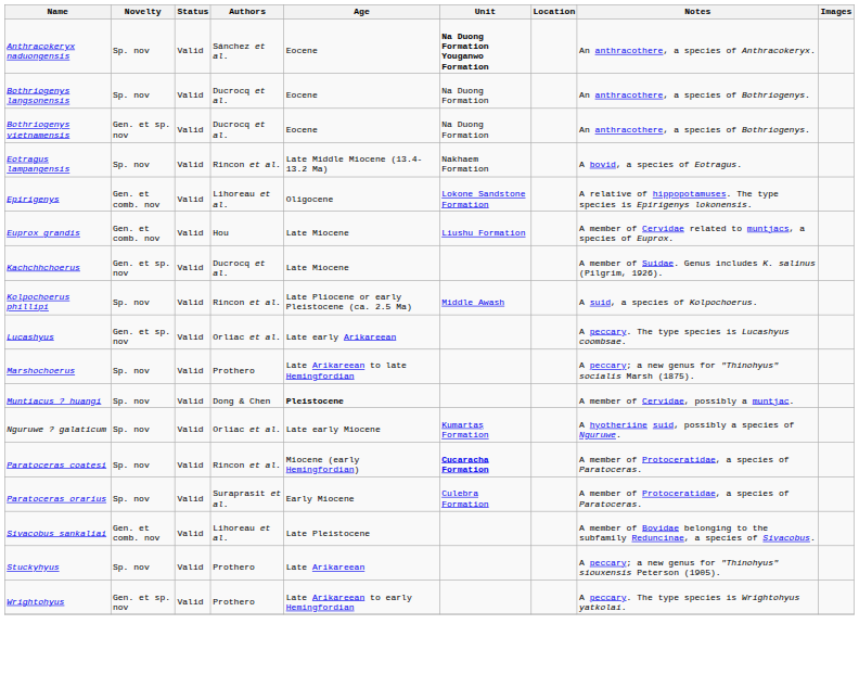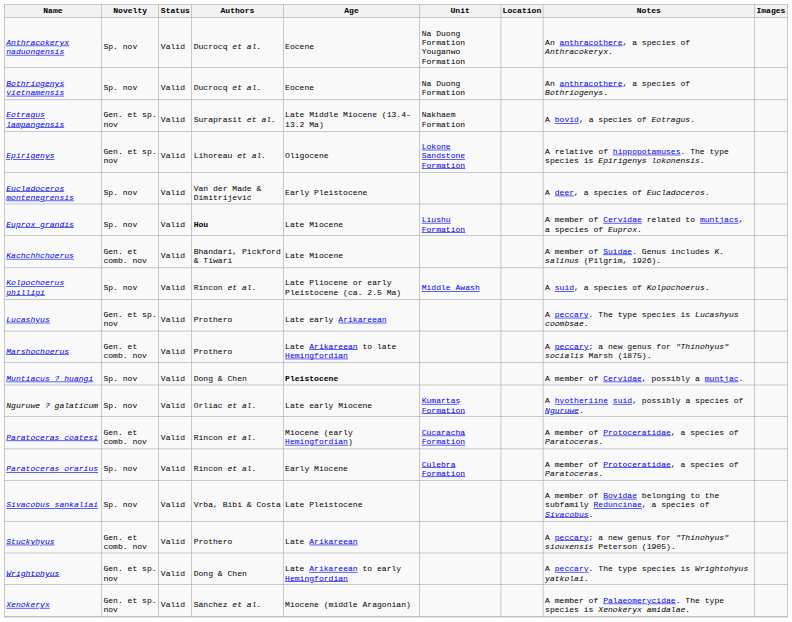 <table class="wikitable sortable" align="center" width="100%">
 <tr>
 <th>Name</th>
 <th>Novelty</th>
 <th>Status</th>
 <th>Authors</th>
 <th>Age</th>
 <th>Unit</th>
 <th>Location</th>
 <th>Notes</th>
 <th>Images</th>
 </tr>
 <tr>
 <td><br><em><a href='#'>Anthracokeryx naduongensis</a></em></td>
 <td><br>Sp. nov</td>
 <td><br>Valid</td>
-<td><br>Sánchez <em>et al.</em></td>
+<td><br>Ducrocq <em>et al.</em></td>
 <td><br>Eocene</td>
-<td><strong><br>Na Duong Formation<br> Youganwo Formation</strong></td>
+<td><br>Na Duong Formation<br> Youganwo Formation</td>
 <td><br><br> </td>
 <td><br>An <a href='#'>anthracothere</a>, a species of <em>Anthracokeryx</em>.</td>
 <td></td>
 </tr>
 <tr>
-<td><br><em><a href='#'>Bothriogenys langsonensis</a></em></td>
+<td><br><em><a href='#'>Bothriogenys vietnamensis</a></em></td>
 <td><br>Sp. nov</td>
 <td><br>Valid</td>
 <td><br>Ducrocq <em>et al.</em></td>
 <td><br>Eocene</td>
 <td><br>Na Duong Formation</td>
 <td><br></td>
 <td><br>An <a href='#'>anthracothere</a>, a species of <em>Bothriogenys</em>.</td>
 <td></td>
 </tr>
 <tr>
-<td><br><em><a href='#'>Bothriogenys vietnamensis</a></em></td>
+<td><br><em><a href='#'>Eotragus lampangensis</a></em></td>
 <td><br>Gen. et sp. nov</td>
 <td><br>Valid</td>
-<td><br>Ducrocq <em>et al.</em></td>
-<td><br>Eocene</td>
-<td><br>Na Duong Formation</td>
-<td><br></td>
-<td><br>An <a href='#'>anthracothere</a>, a species of <em>Bothriogenys</em>.</td>
-<td></td>
-</tr>
-<tr>
-<td><br><em><a href='#'>Eotragus lampangensis</a></em></td>
-<td><br>Sp. nov</td>
-<td><br>Valid</td>
-<td><br>Rincon <em>et al.</em></td>
+<td><br>Suraprasit <em>et al.</em></td>
 <td><br>Late Middle Miocene (13.4-13.2 Ma)</td>
 <td><br>Nakhaem Formation</td>
 <td><br></td>
 <td><br>A <a href='#'>bovid</a>, a species of <em>Eotragus</em>.</td>
 <td></td>
 </tr>
 <tr>
 <td><br><em><a href='#'>Epirigenys</a></em></td>
-<td><br>Gen. et comb. nov</td>
+<td><br>Gen. et sp. nov</td>
 <td><br>Valid</td>
 <td><br>Lihoreau <em>et al.</em></td>
 <td><br>Oligocene</td>
 <td><br><a href='#'>Lokone Sandstone Formation</a></td>
 <td><br></td>
 <td><br>A relative of <a href='#'>hippopotamuses</a>. The type species is <em>Epirigenys lokonensis</em>.</td>
 <td></td>
 </tr>
 <tr>
+<td><br><em><a href='#'>Eucladoceros montenegrensis</a></em></td>
+<td><br>Sp. nov</td>
+<td><br>Valid</td>
+<td><br>Van der Made & Dimitrijević</td>
+<td><br>Early Pleistocene</td>
+<td></td>
+<td><br></td>
+<td><br>A <a href='#'>deer</a>, a species of <em>Eucladoceros</em>.</td>
+<td></td>
+</tr>
+<tr>
 <td><br><em><a href='#'>Euprox grandis</a></em></td>
-<td><br>Gen. et comb. nov</td>
+<td><br>Sp. nov</td>
 <td><br>Valid</td>
-<td><br>Hou</td>
+<td><strong><br>Hou</strong></td>
 <td><br>Late Miocene</td>
 <td><br><a href='#'>Liushu Formation</a></td>
 <td><br></td>
 <td><br>A member of <a href='#'>Cervidae</a> related to <a href='#'>muntjacs</a>, a species of <em>Euprox</em>.</td>
 <td></td>
 </tr>
 <tr>
 <td><br><em><a href='#'>Kachchhchoerus</a></em></td>
-<td><br>Gen. et sp. nov</td>
+<td><br>Gen. et comb. nov</td>
 <td><br>Valid</td>
-<td><br>Ducrocq <em>et al.</em></td>
+<td><br>Bhandari, Pickford & Tiwari</td>
 <td><br>Late Miocene</td>
 <td></td>
 <td><br></td>
 <td><br>A member of <a href='#'>Suidae</a>. Genus includes <em>K. salinus</em> (Pilgrim, 1926).</td>
 <td></td>
 </tr>
 <tr>
 <td><br><em><a href='#'>Kolpochoerus phillipi</a></em></td>
 <td><br>Sp. nov</td>
 <td><br>Valid</td>
 <td><br>Rincon <em>et al.</em></td>
 <td><br>Late Pliocene or early Pleistocene (ca. 2.5 Ma)</td>
 <td><br><a href='#'>Middle Awash</a></td>
 <td><br></td>
 <td><br>A <a href='#'>suid</a>, a species of <em>Kolpochoerus</em>.</td>
 <td></td>
 </tr>
 <tr>
 <td><br><em><a href='#'>Lucashyus</a></em></td>
 <td><br>Gen. et sp. nov</td>
 <td><br>Valid</td>
-<td><br>Orliac <em>et al.</em></td>
+<td><br>Prothero</td>
 <td><br>Late early <a href='#'>Arikareean</a></td>
 <td></td>
 <td><br></td>
 <td><br>A <a href='#'>peccary</a>. The type species is <em>Lucashyus coombsae</em>.</td>
 <td></td>
 </tr>
 <tr>
 <td><br><em><a href='#'>Marshochoerus</a></em></td>
-<td><br>Sp. nov</td>
+<td><br>Gen. et comb. nov</td>
 <td><br>Valid</td>
 <td><br>Prothero</td>
 <td><br>Late <a href='#'>Arikareean</a> to late <a href='#'>Hemingfordian</a></td>
 <td></td>
 <td><br></td>
 <td><br>A <a href='#'>peccary</a>; a new genus for <em>"Thinohyus" socialis</em> Marsh (1875).</td>
 <td></td>
 </tr>
 <tr>
 <td><br><em><a href='#'>Muntiacus ? huangi</a></em></td>
 <td><br>Sp. nov</td>
 <td><br>Valid</td>
 <td><br>Dong & Chen</td>
 <td><strong><br>Pleistocene</strong></td>
 <td></td>
 <td><br></td>
 <td><br>A member of <a href='#'>Cervidae</a>, possibly a <a href='#'>muntjac</a>.</td>
 <td></td>
 </tr>
 <tr>
 <td><br><em>Nguruwe ? galaticum</em></td>
 <td><br>Sp. nov</td>
 <td><br>Valid</td>
 <td><br>Orliac <em>et al.</em></td>
 <td><br>Late early Miocene</td>
 <td><br><a href='#'>Kumartaş Formation</a></td>
 <td><br></td>
 <td><br>A <a href='#'>hyotheriine</a> <a href='#'>suid</a>, possibly a species of <em><a href='#'>Nguruwe</a></em>.</td>
 <td></td>
 </tr>
 <tr>
 <td><br><em><a href='#'>Paratoceras coatesi</a></em></td>
-<td><br>Sp. nov</td>
+<td><br>Gen. et comb. nov</td>
 <td><br>Valid</td>
 <td><br>Rincon <em>et al.</em></td>
 <td><br>Miocene (early <a href='#'>Hemingfordian</a>)</td>
-<td><strong><br><a href='#'>Cucaracha Formation</a></strong></td>
+<td><br><a href='#'>Cucaracha Formation</a></td>
 <td><br></td>
 <td><br>A member of <a href='#'>Protoceratidae</a>, a species of <em>Paratoceras</em>.</td>
 <td></td>
 </tr>
 <tr>
 <td><br><em><a href='#'>Paratoceras orarius</a></em></td>
 <td><br>Sp. nov</td>
 <td><br>Valid</td>
-<td><br>Suraprasit <em>et al.</em></td>
+<td><br>Rincon <em>et al.</em></td>
 <td><br>Early Miocene</td>
 <td><br><a href='#'>Culebra Formation</a></td>
 <td><br></td>
 <td><br>A member of <a href='#'>Protoceratidae</a>, a species of <em>Paratoceras</em>.</td>
 <td></td>
 </tr>
 <tr>
 <td><br><em><a href='#'>Sivacobus sankaliai</a></em></td>
-<td><br>Gen. et comb. nov</td>
+<td><br>Sp. nov</td>
 <td><br>Valid</td>
-<td><br>Lihoreau <em>et al.</em></td>
+<td><br>Vrba, Bibi & Costa</td>
 <td><br>Late Pleistocene</td>
 <td></td>
 <td><br></td>
 <td><br>A member of <a href='#'>Bovidae</a> belonging to the subfamily <a href='#'>Reduncinae</a>, a species of <em><a href='#'>Sivacobus</a></em>.</td>
 <td></td>
 </tr>
 <tr>
 <td><br><em><a href='#'>Stuckyhyus</a></em></td>
-<td><br>Sp. nov</td>
+<td><br>Gen. et comb. nov</td>
 <td><br>Valid</td>
 <td><br>Prothero</td>
 <td><br>Late <a href='#'>Arikareean</a></td>
 <td></td>
 <td><br></td>
 <td><br>A <a href='#'>peccary</a>; a new genus for <em>"Thinohyus" siouxensis</em> Peterson (1905).</td>
 <td></td>
 </tr>
 <tr>
 <td><br><em><a href='#'>Wrightohyus</a></em></td>
 <td><br>Gen. et sp. nov</td>
 <td><br>Valid</td>
-<td><br>Prothero</td>
+<td><br>Dong & Chen</td>
 <td><br>Late <a href='#'>Arikareean</a> to early <a href='#'>Hemingfordian</a></td>
 <td></td>
 <td><br></td>
 <td><br>A <a href='#'>peccary</a>. The type species is <em>Wrightohyus yatkolai</em>.</td>
 <td></td>
 </tr>
 <tr>
+<td><br><em><a href='#'>Xenokeryx</a></em></td>
+<td><br>Gen. et sp. nov</td>
+<td><br>Valid</td>
+<td><br>Sánchez <em>et al.</em></td>
+<td><br>Miocene (middle Aragonian)</td>
+<td></td>
+<td><br></td>
+<td><br>A member of <a href='#'>Palaeomerycidae</a>. The type species is <em>Xenokeryx amidalae</em>.</td>
+<td></td>
+</tr>
+<tr>
 </tr>
 </table>
